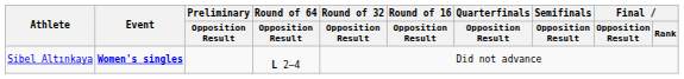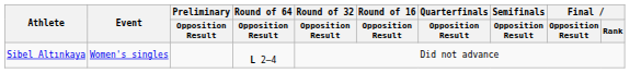 <table class=wikitable style=font-size:90%;text-align:center>
 <tr>
 <th rowspan=2>Athlete</th>
 <th rowspan=2>Event</th>
 <th>Preliminary</th>
 <th>Round of 64</th>
 <th>Round of 32</th>
 <th>Round of 16</th>
 <th>Quarterfinals</th>
 <th>Semifinals</th>
 <th colspan=2>Final / </th>
 </tr>
 <tr style=font-size:95%>
 <th>Opposition<br>Result</th>
 <th>Opposition<br>Result</th>
 <th>Opposition<br>Result</th>
 <th>Opposition<br>Result</th>
 <th>Opposition<br>Result</th>
 <th>Opposition<br>Result</th>
 <th>Opposition<br>Result</th>
 <th>Rank</th>
 </tr>
 <tr>
 <td align=left><a href='#'>Sibel Altınkaya</a></td>
-<td align=left><strong><a href='#'>Women's singles</a></strong></td>
+<td align=left><a href='#'>Women's singles</a></td>
 <td></td>
 <td><br><strong>L</strong> 2–4</td>
 <td colspan=6>Did not advance</td>
 </tr>
 </table>
